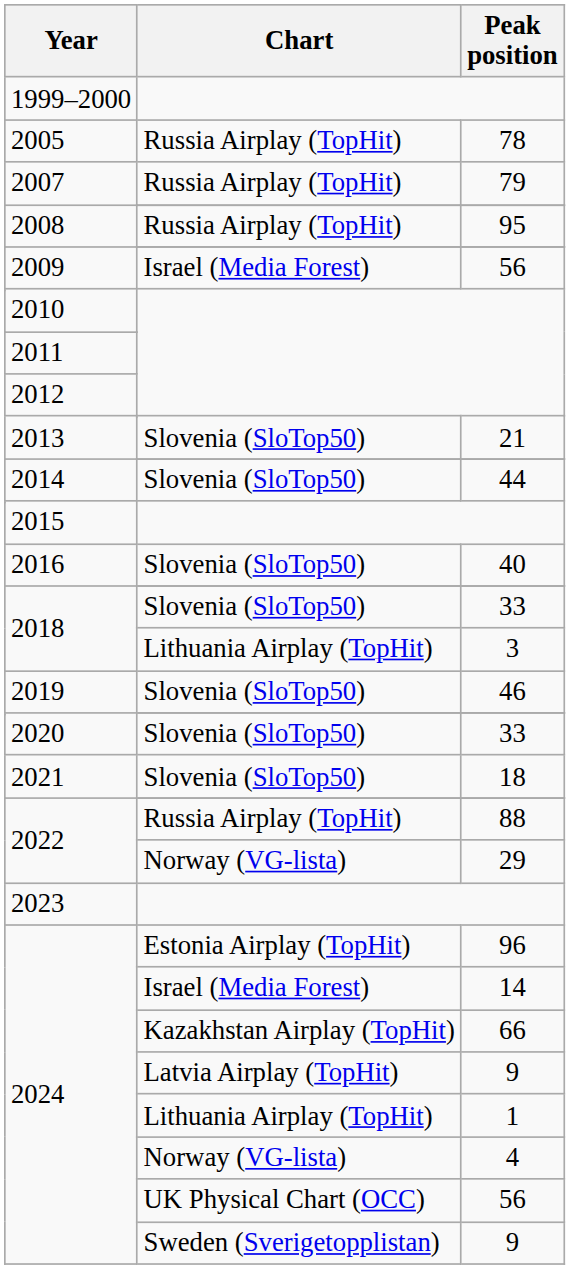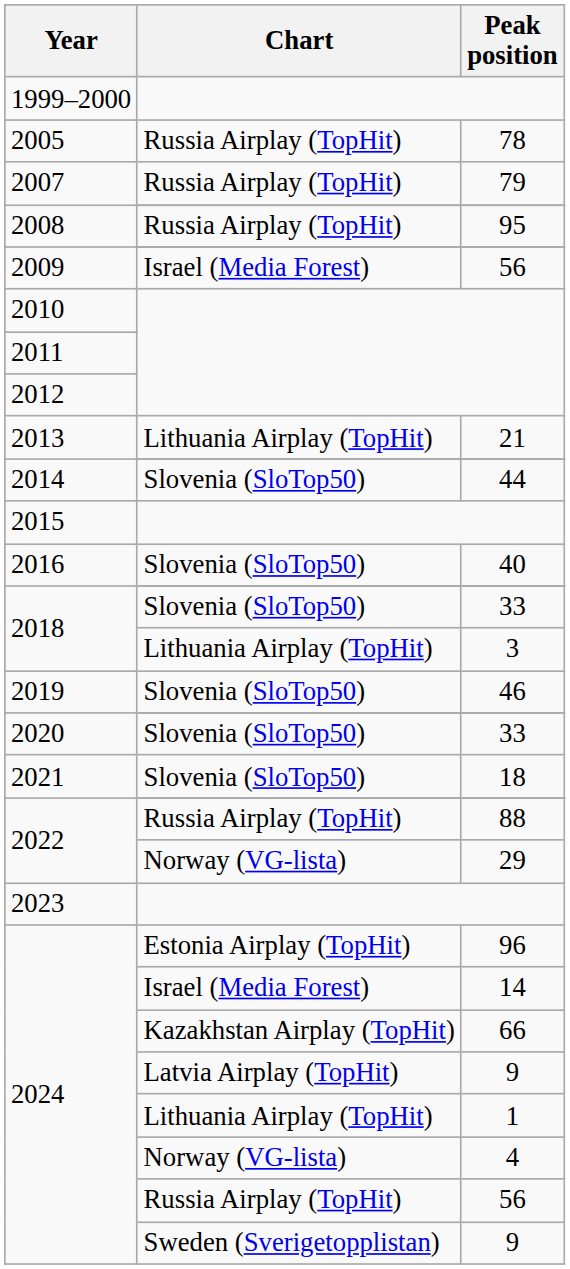 <table class="wikitable sortable">
 <tr>
 <th>Year</th>
 <th>Chart</th>
 <th>Peak<br>position</th>
 </tr>
 <tr>
 <td rowspan="4">1999–2000<br></td>
 </tr>
 <tr>
 </tr>
 <tr>
 </tr>
 <tr>
 </tr>
 <tr>
 <td>2005</td>
 <td>Russia Airplay (<a href='#'>TopHit</a>)</td>
 <td align="center">78</td>
 </tr>
 <tr>
 <td rowspan="2">2007</td>
 <td>Russia Airplay (<a href='#'>TopHit</a>)</td>
 <td align="center">79</td>
 </tr>
 <tr>
 </tr>
 <tr>
 <td rowspan="4">2008<br></td>
 </tr>
 <tr>
 </tr>
 <tr>
 <td>Russia Airplay (<a href='#'>TopHit</a>)</td>
 <td align="center">95</td>
 </tr>
 <tr>
 </tr>
 <tr>
 <td rowspan="5">2009<br></td>
 </tr>
 <tr>
 </tr>
 <tr>
 </tr>
 <tr>
 <td scope="row">Israel (<a href='#'>Media Forest</a>)</td>
 <td align="center">56</td>
 </tr>
 <tr>
 </tr>
 <tr>
 <td rowspan="5">2010<br></td>
 </tr>
 <tr>
 </tr>
 <tr>
 </tr>
 <tr>
 </tr>
 <tr>
 </tr>
 <tr>
 <td rowspan="5">2011<br></td>
 </tr>
 <tr>
 </tr>
 <tr>
 </tr>
 <tr>
 </tr>
 <tr>
 </tr>
 <tr>
 <td rowspan="4">2012<br></td>
 </tr>
 <tr>
 </tr>
 <tr>
 </tr>
 <tr>
 </tr>
 <tr>
 <td rowspan="4">2013<br></td>
 </tr>
 <tr>
 </tr>
 <tr>
-<td scope="row">Slovenia (<a href='#'>SloTop50</a>)</td>
+<td>Lithuania Airplay (<a href='#'>TopHit</a>)</td>
 <td align=center>21</td>
 </tr>
 <tr>
 </tr>
 <tr>
 <td rowspan="5">2014<br></td>
 </tr>
 <tr>
 </tr>
 <tr>
 </tr>
 <tr>
 <td>Slovenia (<a href='#'>SloTop50</a>)</td>
 <td align="center">44</td>
 </tr>
 <tr>
 </tr>
 <tr>
 <td>2015<br></td>
 </tr>
 <tr>
 <td rowspan=2>2016</td>
 <td>Slovenia (<a href='#'>SloTop50</a>)</td>
 <td align="center">40</td>
 </tr>
 <tr>
 </tr>
 <tr>
 <td rowspan="2">2018</td>
 <td>Slovenia (<a href='#'>SloTop50</a>)</td>
 <td align="center">33</td>
 </tr>
 <tr>
 <td>Lithuania Airplay (<a href='#'>TopHit</a>)</td>
 <td align="center">3</td>
 </tr>
 <tr>
 <td rowspan="2">2019</td>
 <td>Slovenia (<a href='#'>SloTop50</a>)</td>
 <td align="center">46</td>
 </tr>
 <tr>
 </tr>
 <tr>
 <td>2020</td>
 <td>Slovenia (<a href='#'>SloTop50</a>)</td>
 <td align="center">33</td>
 </tr>
 <tr>
 <td>2021</td>
 <td>Slovenia (<a href='#'>SloTop50</a>)</td>
 <td align="center">18</td>
 </tr>
 <tr>
 <td rowspan="3">2022<br></td>
 </tr>
 <tr>
 <td>Russia Airplay (<a href='#'>TopHit</a>)</td>
 <td align="center">88</td>
 </tr>
 <tr>
 <td>Norway (<a href='#'>VG-lista</a>)</td>
 <td align="center">29</td>
 </tr>
 <tr>
 <td>2023<br></td>
 </tr>
 <tr>
 <td rowspan="8">2024</td>
 <td>Estonia Airplay (<a href='#'>TopHit</a>)</td>
 <td align="center">96</td>
 </tr>
 <tr>
 <td scope="row">Israel (<a href='#'>Media Forest</a>)</td>
 <td align="center">14</td>
 </tr>
 <tr>
 <td>Kazakhstan Airplay (<a href='#'>TopHit</a>)</td>
 <td align="center">66</td>
 </tr>
 <tr>
 <td>Latvia Airplay (<a href='#'>TopHit</a>)</td>
 <td align="center">9</td>
 </tr>
 <tr>
 <td>Lithuania Airplay (<a href='#'>TopHit</a>)</td>
 <td align="center">1</td>
 </tr>
 <tr>
 <td>Norway (<a href='#'>VG-lista</a>)</td>
 <td align="center">4</td>
 </tr>
 <tr>
-<td>UK Physical Chart (<a href='#'>OCC</a>)</td>
+<td>Russia Airplay (<a href='#'>TopHit</a>)</td>
 <td align="center">56</td>
 </tr>
 <tr>
 <td>Sweden (<a href='#'>Sverigetopplistan</a>)</td>
 <td style="text-align:center;'">9</td>
 </tr>
 </table>
